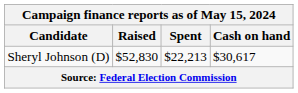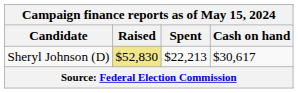 <table class="wikitable sortable">
 <tr>
 <th colspan=4>Campaign finance reports as of May 15, 2024</th>
 </tr>
 <tr style="text-align:center;">
 <th>Candidate</th>
 <th>Raised</th>
 <th>Spent</th>
 <th>Cash on hand</th>
 </tr>
 <tr>
 <td>Sheryl Johnson (D)</td>
-<td>$52,830</td>
+<td style="background: khaki;">$52,830</td>
 <td>$22,213</td>
 <td>$30,617</td>
 </tr>
 <tr>
 <th colspan="4"><small>Source: <a href='#'>Federal Election Commission</a></small></th>
 </tr>
 </table>
